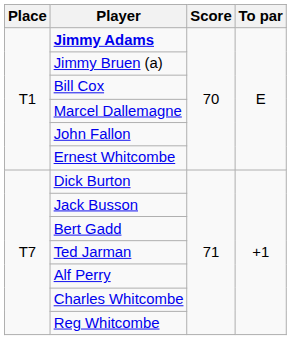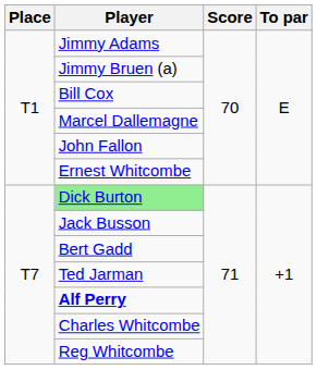 <table class=wikitable>
 <tr>
 <th>Place</th>
 <th>Player</th>
 <th>Score</th>
 <th>To par</th>
 </tr>
 <tr>
 <td rowspan=6 align=center>T1</td>
-<td><strong> <a href='#'>Jimmy Adams</a></strong></td>
+<td> <a href='#'>Jimmy Adams</a></td>
 <td rowspan=6 align=center>70</td>
 <td rowspan=6 align=center>E</td>
 </tr>
 <tr>
 <td> <a href='#'>Jimmy Bruen</a> (a)</td>
 </tr>
 <tr>
 <td> <a href='#'>Bill Cox</a></td>
 </tr>
 <tr>
 <td> <a href='#'>Marcel Dallemagne</a></td>
 </tr>
 <tr>
 <td> <a href='#'>John Fallon</a></td>
 </tr>
 <tr>
 <td> <a href='#'>Ernest Whitcombe</a></td>
 </tr>
 <tr>
 <td rowspan=7 align=center>T7</td>
-<td> <a href='#'>Dick Burton</a></td>
+<td style="background: lightgreen;"> <a href='#'>Dick Burton</a></td>
 <td rowspan=7 align=center>71</td>
 <td rowspan=7 align=center>+1</td>
 </tr>
 <tr>
 <td> <a href='#'>Jack Busson</a></td>
 </tr>
 <tr>
 <td> <a href='#'>Bert Gadd</a></td>
 </tr>
 <tr>
 <td> <a href='#'>Ted Jarman</a></td>
 </tr>
 <tr>
-<td> <a href='#'>Alf Perry</a></td>
+<td><strong> <a href='#'>Alf Perry</a></strong></td>
 </tr>
 <tr>
 <td> <a href='#'>Charles Whitcombe</a></td>
 </tr>
 <tr>
 <td> <a href='#'>Reg Whitcombe</a></td>
 </tr>
 </table>
